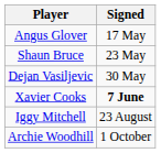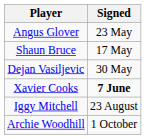 <table class="wikitable sortable sortable" style="text-align: center">
 <tr>
 <th>Player</th>
 <th>Signed</th>
 </tr>
 <tr>
 <td><a href='#'>Angus Glover</a></td>
-<td>17 May</td>
+<td>23 May</td>
 </tr>
 <tr>
 <td><a href='#'>Shaun Bruce</a></td>
-<td>23 May</td>
+<td>17 May</td>
 </tr>
 <tr>
 <td><a href='#'>Dejan Vasiljevic</a></td>
 <td>30 May</td>
 </tr>
 <tr>
 <td><a href='#'>Xavier Cooks</a></td>
 <td><strong>7 June</strong></td>
 </tr>
 <tr>
 <td><a href='#'>Iggy Mitchell</a></td>
 <td>23 August</td>
 </tr>
 <tr>
 <td><a href='#'>Archie Woodhill</a></td>
 <td>1 October</td>
 </tr>
 </table>
